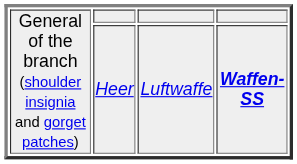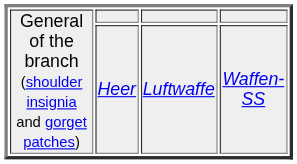 <table align="right"  border="3" style="text-align:center;" width="260">
 <tr align="center" bgcolor=#efefef>
 <td rowspan="2">General of the branch<br><small>(<a href='#'>shoulder insignia</a> and <a href='#'>gorget patches</a>)</small></td>
 <td> </td>
 <td> </td>
 <td> </td>
 </tr>
 <tr align="center" bgcolor=#efefef>
 <td><em><a href='#'>Heer</a></em></td>
 <td><em><a href='#'>Luftwaffe</a></em></td>
-<td><strong><em><a href='#'>Waffen-SS</a></em></strong></td>
+<td><em><a href='#'>Waffen-SS</a></em></td>
 </tr>
 </table>
